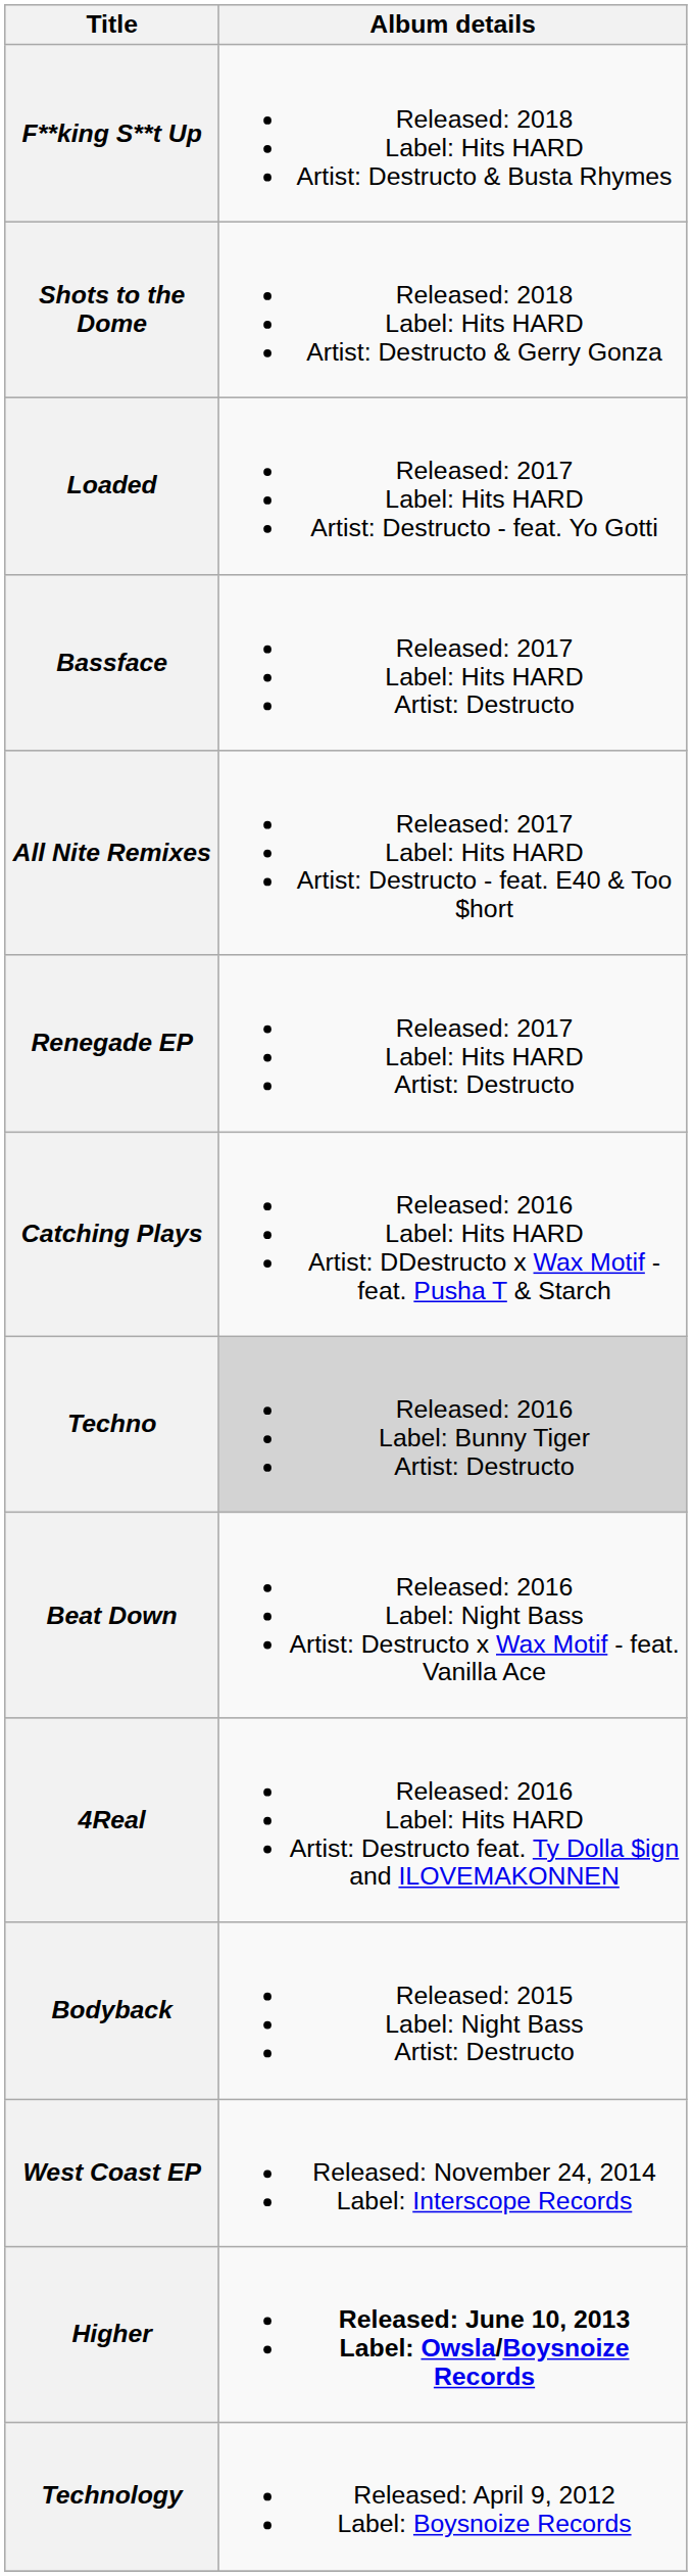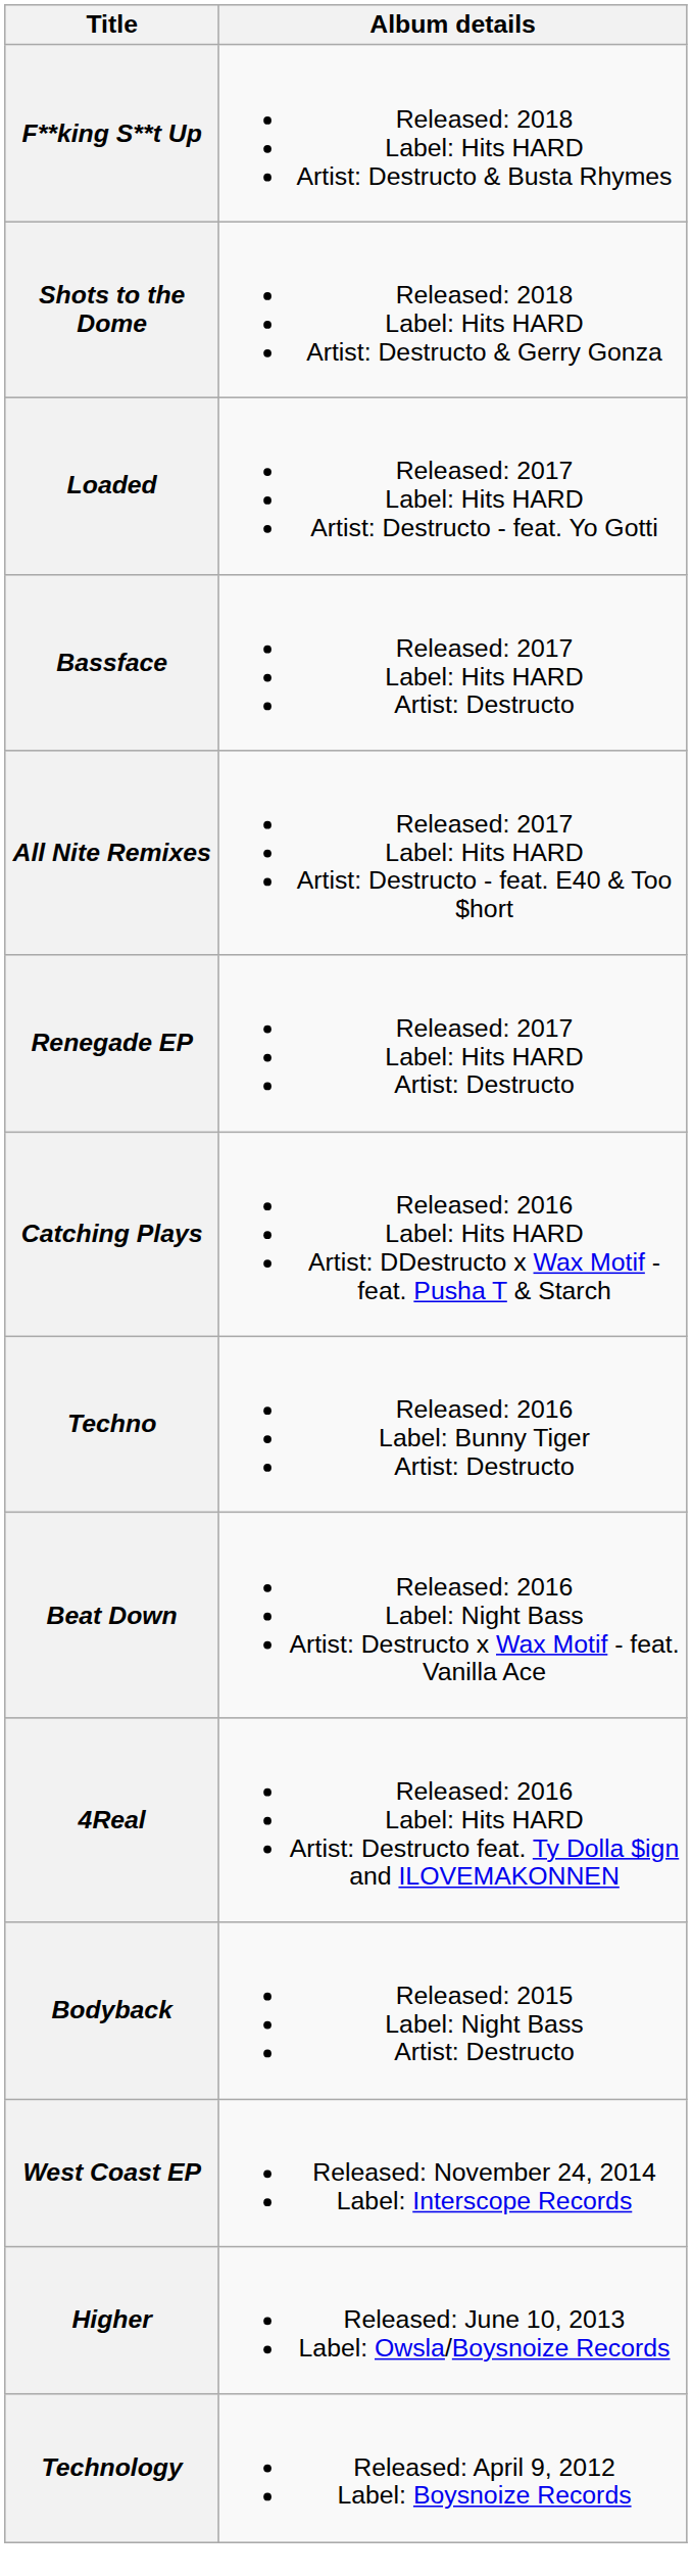 <table class="wikitable plainrowheaders" style="text-align:center;" border="1">
 <tr>
 <th scope="col" rowspan="1" style="width:8em;">Title</th>
 <th scope="col" rowspan="1" style="width:18em;">Album details</th>
 </tr>
 <tr>
 <th scope="row"><em>F**king S**t Up</em></th>
 <td><br><ul><li>Released: 2018</li><li>Label: Hits HARD</li><li>Artist: Destructo & Busta Rhymes</li></ul></td>
 </tr>
 <tr>
 <th scope="row"><em>Shots to the Dome</em></th>
 <td><br><ul><li>Released: 2018</li><li>Label: Hits HARD</li><li>Artist: Destructo & Gerry Gonza</li></ul></td>
 </tr>
 <tr>
 <th scope="row"><em>Loaded</em></th>
 <td><br><ul><li>Released: 2017</li><li>Label: Hits HARD</li><li>Artist: Destructo - feat. Yo Gotti</li></ul></td>
 </tr>
 <tr>
 <th scope="row"><em>Bassface</em></th>
 <td><br><ul><li>Released: 2017</li><li>Label: Hits HARD</li><li>Artist: Destructo</li></ul></td>
 </tr>
 <tr>
 <th scope="row"><em>All Nite Remixes</em></th>
 <td><br><ul><li>Released: 2017</li><li>Label: Hits HARD</li><li>Artist: Destructo - feat. E40 & Too $hort</li></ul></td>
 </tr>
 <tr>
 <th scope="row"><em>Renegade EP</em></th>
 <td><br><ul><li>Released: 2017</li><li>Label: Hits HARD</li><li>Artist: Destructo</li></ul></td>
 </tr>
 <tr>
 <th scope="row"><em>Catching Plays</em></th>
 <td><br><ul><li>Released: 2016</li><li>Label: Hits HARD</li><li>Artist: DDestructo x <a href='#'>Wax Motif</a> - feat. <a href='#'>Pusha T</a> & Starch</li></ul></td>
 </tr>
 <tr>
 <th scope="row"><em>Techno</em></th>
-<td style="background: lightgrey;"><br><ul><li>Released: 2016</li><li>Label: Bunny Tiger</li><li>Artist: Destructo</li></ul></td>
+<td><br><ul><li>Released: 2016</li><li>Label: Bunny Tiger</li><li>Artist: Destructo</li></ul></td>
 </tr>
 <tr>
 <th scope="row"><em>Beat Down</em></th>
 <td><br><ul><li>Released: 2016</li><li>Label: Night Bass</li><li>Artist: Destructo x <a href='#'>Wax Motif</a> - feat. Vanilla Ace</li></ul></td>
 </tr>
 <tr>
 <th scope="row"><em>4Real</em></th>
 <td><br><ul><li>Released: 2016</li><li>Label: Hits HARD</li><li>Artist: Destructo feat. <a href='#'>Ty Dolla $ign</a> and <a href='#'>ILOVEMAKONNEN</a></li></ul></td>
 </tr>
 <tr>
 <th scope="row"><em>Bodyback</em></th>
 <td><br><ul><li>Released: 2015</li><li>Label: Night Bass</li><li>Artist: Destructo</li></ul></td>
 </tr>
 <tr>
 <th scope="row"><em>West Coast EP</em></th>
 <td><br><ul><li>Released: November 24, 2014</li><li>Label: <a href='#'>Interscope Records</a></li></ul></td>
 </tr>
 <tr>
 <th scope="row"><em>Higher</em></th>
-<td><strong><br><ul><li>Released: June 10, 2013</li><li>Label: <a href='#'>Owsla</a>/<a href='#'>Boysnoize Records</a></li></ul></strong></td>
+<td><br><ul><li>Released: June 10, 2013</li><li>Label: <a href='#'>Owsla</a>/<a href='#'>Boysnoize Records</a></li></ul></td>
 </tr>
 <tr>
 <th scope="row"><em>Technology</em></th>
 <td><br><ul><li>Released: April 9, 2012</li><li>Label: <a href='#'>Boysnoize Records</a></li></ul></td>
 </tr>
 <tr>
 </tr>
 </table>
